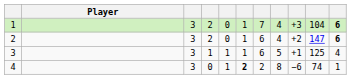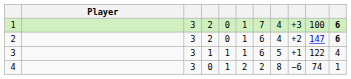 <table class="wikitable" style="text-align:center; margin: 1em auto 1em auto, align:left">
 <tr>
 <th width=20></th>
 <th width=240>Player</th>
 <th width=20></th>
 <th width=20></th>
 <th width=20></th>
 <th width=20></th>
 <th width=20></th>
 <th width=20></th>
 <th width=20></th>
 <th width=30></th>
 <th width=20></th>
 </tr>
 <tr style="background:#D0F0C0;">
 <td>1</td>
 <td align=left></td>
 <td>3</td>
 <td>2</td>
 <td>0</td>
 <td>1</td>
 <td>7</td>
 <td>4</td>
 <td>+3</td>
-<td>104</td>
+<td>100</td>
 <td><strong>6</strong></td>
 </tr>
 <tr style=>
 <td>2</td>
 <td align=left></td>
 <td>3</td>
 <td>2</td>
 <td>0</td>
 <td>1</td>
 <td>6</td>
 <td>4</td>
 <td>+2</td>
 <td><a href='#'>147</a></td>
 <td><strong>6</strong></td>
 </tr>
 <tr style=>
 <td>3</td>
 <td align=left></td>
 <td>3</td>
 <td>1</td>
 <td>1</td>
 <td>1</td>
 <td>6</td>
 <td>5</td>
 <td>+1</td>
-<td>125</td>
+<td>122</td>
 <td>4</td>
 </tr>
 <tr style=>
 <td>4</td>
 <td align=left></td>
 <td>3</td>
 <td>0</td>
 <td>1</td>
-<td><strong>2</strong></td>
+<td>2</td>
 <td>2</td>
 <td>8</td>
 <td>−6</td>
 <td>74</td>
 <td>1</td>
 </tr>
 </table>
